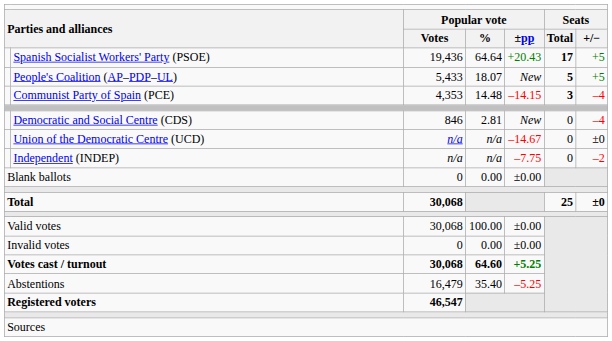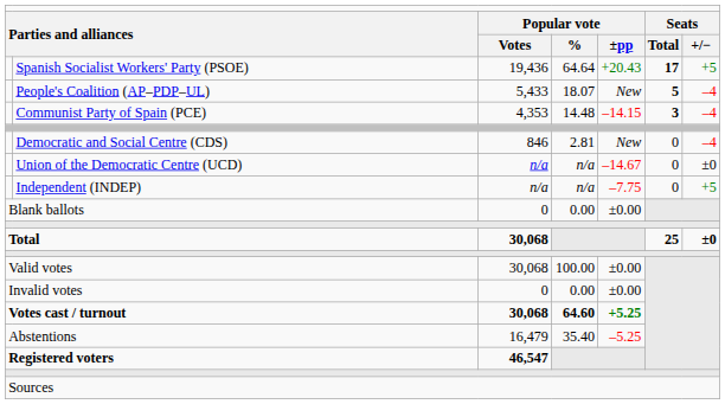 <table class="wikitable" style="text-align:right;">
 <tr>
 <td colspan="7"></td>
 </tr>
 <tr>
 <th style="text-align:left;" rowspan="2" colspan="2" width="525">Parties and alliances</th>
 <th colspan="3">Popular vote</th>
 <th colspan="2">Seats</th>
 </tr>
 <tr>
 <th width="75">Votes</th>
 <th width="45">%</th>
 <th width="45">±<a href='#'>pp</a></th>
 <th width="35">Total</th>
 <th width="35">+/−</th>
 </tr>
 <tr>
 <td width="1" style="color:inherit;background:"></td>
 <td align="left"><a href='#'>Spanish Socialist Workers' Party</a> (PSOE)</td>
 <td>19,436</td>
 <td>64.64</td>
 <td style="color:green;">+20.43</td>
 <td><strong>17</strong></td>
 <td style="color:green;">+5</td>
 </tr>
 <tr>
 <td style="color:inherit;background:"></td>
 <td align="left"><a href='#'>People's Coalition</a> (<a href='#'>AP</a>–<a href='#'>PDP</a>–<a href='#'>UL</a>)</td>
 <td>5,433</td>
 <td>18.07</td>
 <td><em>New</em></td>
 <td><strong>5</strong></td>
-<td style="color:green;">+5</td>
+<td style="color:red;">–4</td>
 </tr>
 <tr>
 <td style="color:inherit;background:"></td>
 <td align="left"><a href='#'>Communist Party of Spain</a> (PCE)</td>
 <td>4,353</td>
 <td>14.48</td>
 <td style="color:red;">–14.15</td>
 <td><strong>3</strong></td>
 <td style="color:red;">–4</td>
 </tr>
 <tr>
 <td colspan="7" bgcolor="#C0C0C0"></td>
 </tr>
 <tr>
 <td style="color:inherit;background:"></td>
 <td align="left"><a href='#'>Democratic and Social Centre</a> (CDS)</td>
 <td>846</td>
 <td>2.81</td>
 <td><em>New</em></td>
 <td>0</td>
 <td style="color:red;">–4</td>
 </tr>
 <tr>
 <td style="color:inherit;background:"></td>
 <td align="left"><a href='#'>Union of the Democratic Centre</a> (UCD)</td>
 <td><em><a href='#'>n/a</a></em></td>
 <td><em>n/a</em></td>
 <td style="color:red;">–14.67</td>
 <td>0</td>
 <td>±0</td>
 </tr>
 <tr>
 <td style="color:inherit;background:"></td>
 <td align="left"><a href='#'>Independent</a> (INDEP)</td>
 <td><em>n/a</em></td>
 <td><em>n/a</em></td>
 <td style="color:red;">–7.75</td>
 <td>0</td>
-<td style="color:red;">–2</td>
+<td style="color:green;">+5</td>
 </tr>
 <tr>
 <td align="left" colspan="2">Blank ballots</td>
 <td>0</td>
 <td>0.00</td>
 <td>±0.00</td>
 <td bgcolor="#E9E9E9" colspan="2"></td>
 </tr>
 <tr>
 <td colspan="7" bgcolor="#E9E9E9"></td>
 </tr>
 <tr style="font-weight:bold;">
 <td align="left" colspan="2">Total</td>
 <td>30,068</td>
 <td bgcolor="#E9E9E9" colspan="2"></td>
 <td>25</td>
 <td>±0</td>
 </tr>
 <tr>
 <td colspan="7" bgcolor="#E9E9E9"></td>
 </tr>
 <tr>
 <td align="left" colspan="2">Valid votes</td>
 <td>30,068</td>
 <td>100.00</td>
 <td>±0.00</td>
 <td bgcolor="#E9E9E9" colspan="2" rowspan="5"></td>
 </tr>
 <tr>
 <td align="left" colspan="2">Invalid votes</td>
 <td>0</td>
 <td>0.00</td>
 <td>±0.00</td>
 </tr>
 <tr style="font-weight:bold;">
 <td align="left" colspan="2">Votes cast / turnout</td>
 <td>30,068</td>
 <td>64.60</td>
 <td style="color:green;">+5.25</td>
 </tr>
 <tr>
 <td align="left" colspan="2">Abstentions</td>
 <td>16,479</td>
 <td>35.40</td>
 <td style="color:red;">–5.25</td>
 </tr>
 <tr style="font-weight:bold;">
 <td align="left" colspan="2">Registered voters</td>
 <td>46,547</td>
 <td bgcolor="#E9E9E9" colspan="2"></td>
 </tr>
 <tr>
 <td colspan="7" bgcolor="#E9E9E9"></td>
 </tr>
 <tr>
 <td align="left" colspan="7">Sources</td>
 </tr>
 </table>
